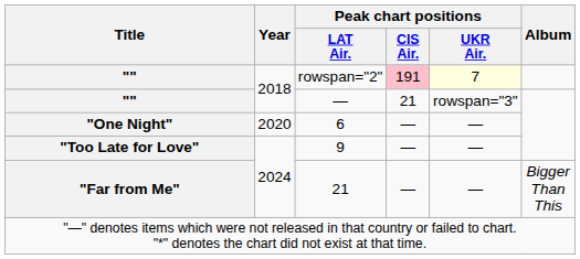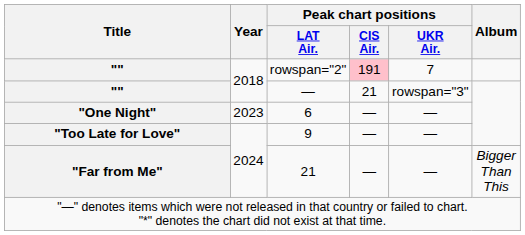 <table class="wikitable plainrowheaders" style="text-align:center;">
 <tr>
 <th scope="col" rowspan="2" style="width:20em;">Title</th>
 <th scope="col" rowspan="2" style="width:1em;">Year</th>
 <th scope="col" colspan="3">Peak chart positions</th>
 <th scope="col" rowspan="2">Album</th>
 </tr>
 <tr>
 <th scope="col" style="width:3em;font-size:90%;"><a href='#'>LAT<br>Air.</a><br></th>
 <th scope="col" style="width:3em;font-size:90%;"><a href='#'>CIS<br>Air.</a><br></th>
 <th scope="col" style="width:3em;font-size:90%;"><a href='#'>UKR<br>Air.</a><br></th>
 </tr>
 <tr>
 <th scope="row">""<br></th>
 <td rowspan="2">2018</td>
 <td>rowspan="2" </td>
 <td style="background: pink;">191</td>
-<td style="background: lightyellow;">7</td>
+<td>7</td>
 <td></td>
 </tr>
 <tr>
 <th scope="row">""</th>
 <td>—</td>
 <td>21</td>
 <td>rowspan="3" </td>
 </tr>
 <tr>
 <th scope="row">"One Night"<br></th>
-<td>2020</td>
+<td>2023</td>
 <td>6</td>
 <td>—</td>
 <td>—</td>
 </tr>
 <tr>
 <th scope="row">"Too Late for Love"<br></th>
 <td rowspan="2">2024</td>
 <td>9</td>
 <td>—</td>
 <td>—</td>
 </tr>
 <tr>
 <th scope="row">"Far from Me"</th>
 <td>21</td>
 <td>—</td>
 <td>—</td>
 <td><em>Bigger Than This</em></td>
 </tr>
 <tr>
 <td colspan="6" style="font-size:90%;">"—" denotes items which were not released in that country or failed to chart.<br>"*" denotes the chart did not exist at that time.</td>
 </tr>
 </table>
